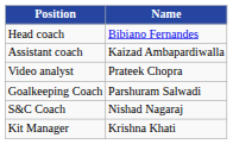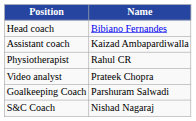 <table class="wikitable">
 <tr>
 <th style="background:#2545A0; color:#FFFFFF; ">Position</th>
 <th style="background:#2545A0; color:#FFFFFF; ">Name</th>
 </tr>
 <tr>
 <td>Head coach</td>
 <td> <a href='#'>Bibiano Fernandes</a></td>
 </tr>
 <tr>
 <td>Assistant coach</td>
 <td> Kaizad Ambapardiwalla</td>
 </tr>
 <tr>
+<td>Physiotherapist</td>
+<td> Rahul CR</td>
+</tr>
+<tr>
 <td>Video analyst</td>
 <td> Prateek Chopra</td>
 </tr>
 <tr>
 <td>Goalkeeping Coach</td>
 <td> Parshuram Salwadi</td>
 </tr>
 <tr>
 <td>S&C Coach</td>
 <td> Nishad Nagaraj</td>
 </tr>
-<tr>
-<td>Kit Manager</td>
-<td> Krishna Khati</td>
-</tr>
 </table>
